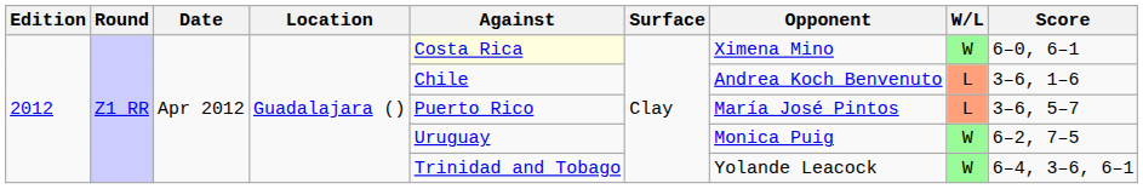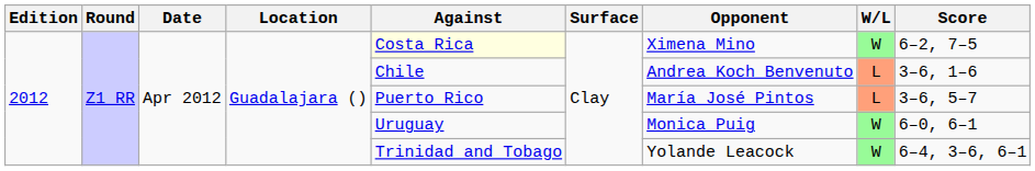 <table class=wikitable>
 <tr>
 <th>Edition</th>
 <th>Round</th>
 <th>Date</th>
 <th>Location</th>
 <th>Against</th>
 <th>Surface</th>
 <th>Opponent</th>
 <th>W/L</th>
 <th>Score</th>
 </tr>
 <tr>
 <td rowspan="5"><a href='#'>2012</a></td>
 <td rowspan="5" bgcolor=#ccf><a href='#'>Z1 RR</a></td>
 <td rowspan="5">Apr 2012</td>
 <td rowspan="5"><a href='#'>Guadalajara</a> ()</td>
 <td style="background: lightyellow;"> <a href='#'>Costa Rica</a></td>
 <td rowspan="5">Clay</td>
 <td><a href='#'>Ximena Mino</a></td>
 <td style="text-align:center; background:#98fb98;">W</td>
-<td>6–0, 6–1</td>
+<td>6–2, 7–5</td>
 </tr>
 <tr>
 <td> <a href='#'>Chile</a></td>
 <td><a href='#'>Andrea Koch Benvenuto</a></td>
 <td style="text-align:center; background:#ffa07a;">L</td>
 <td>3–6, 1–6</td>
 </tr>
 <tr>
 <td> <a href='#'>Puerto Rico</a></td>
 <td><a href='#'>María José Pintos</a></td>
 <td style="text-align:center; background:#ffa07a;">L</td>
 <td>3–6, 5–7</td>
 </tr>
 <tr>
 <td> <a href='#'>Uruguay</a></td>
 <td><a href='#'>Monica Puig</a></td>
 <td style="text-align:center; background:#98fb98;">W</td>
-<td>6–2, 7–5</td>
+<td>6–0, 6–1</td>
 </tr>
 <tr>
 <td> <a href='#'>Trinidad and Tobago</a></td>
 <td>Yolande Leacock</td>
 <td style="text-align:center; background:#98fb98;">W</td>
 <td>6–4, 3–6, 6–1</td>
 </tr>
 </table>
